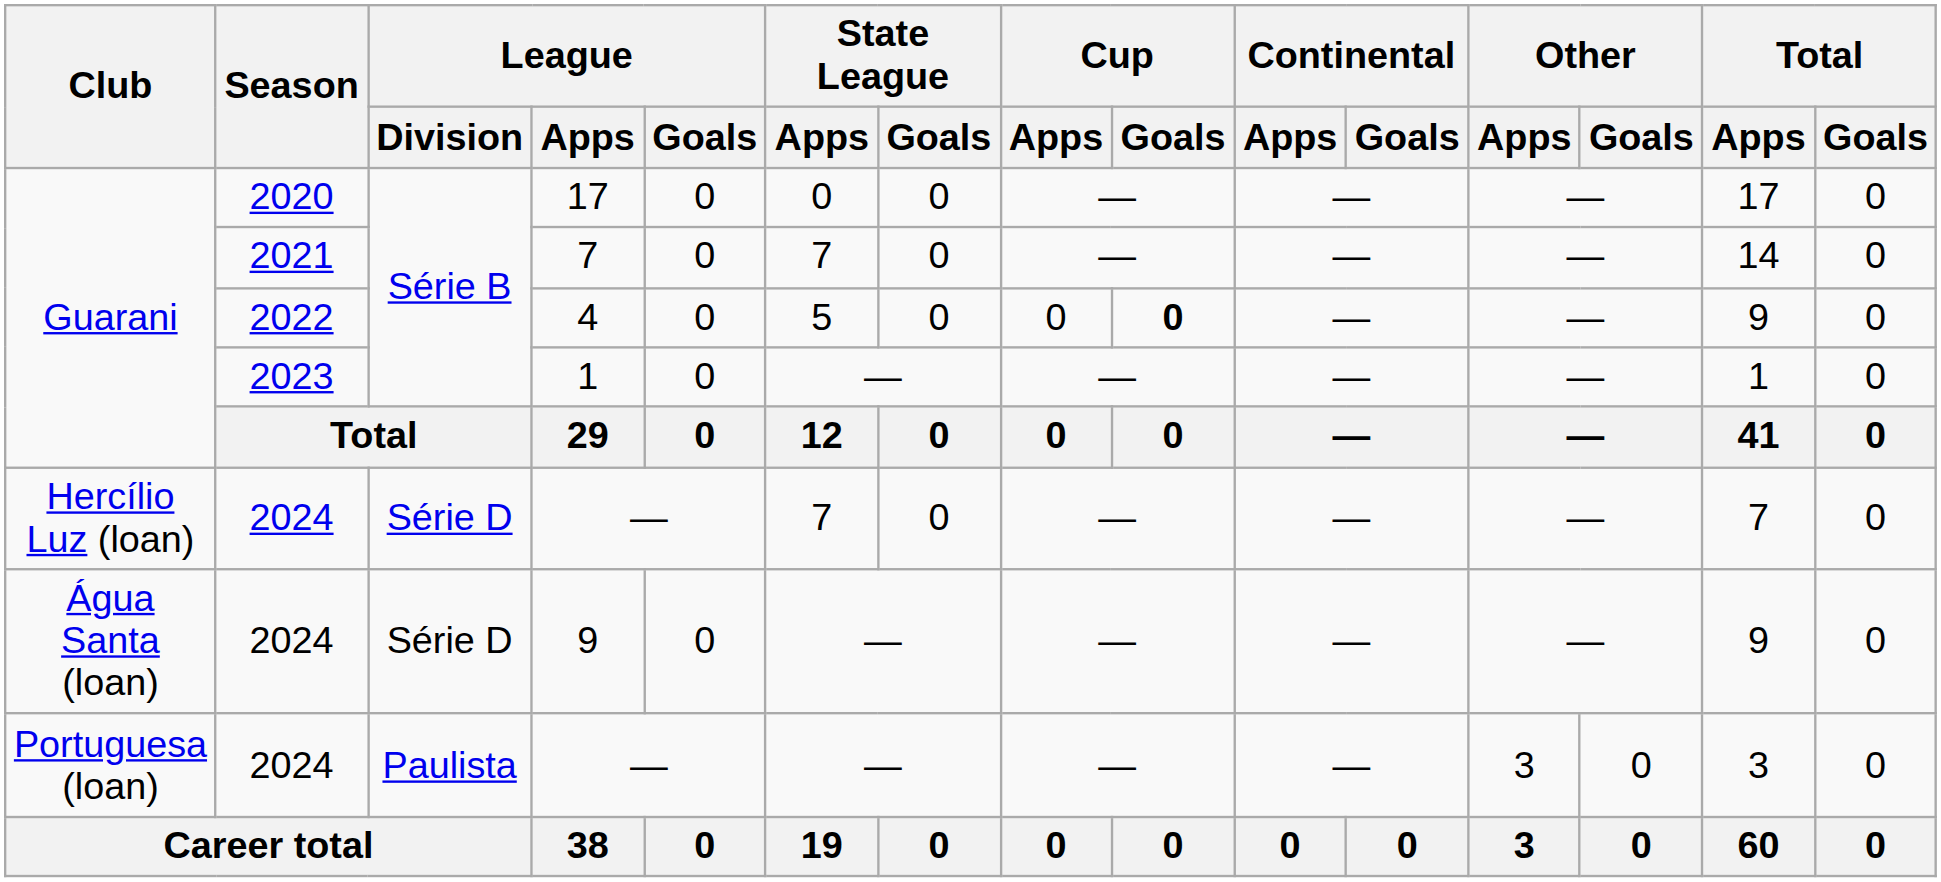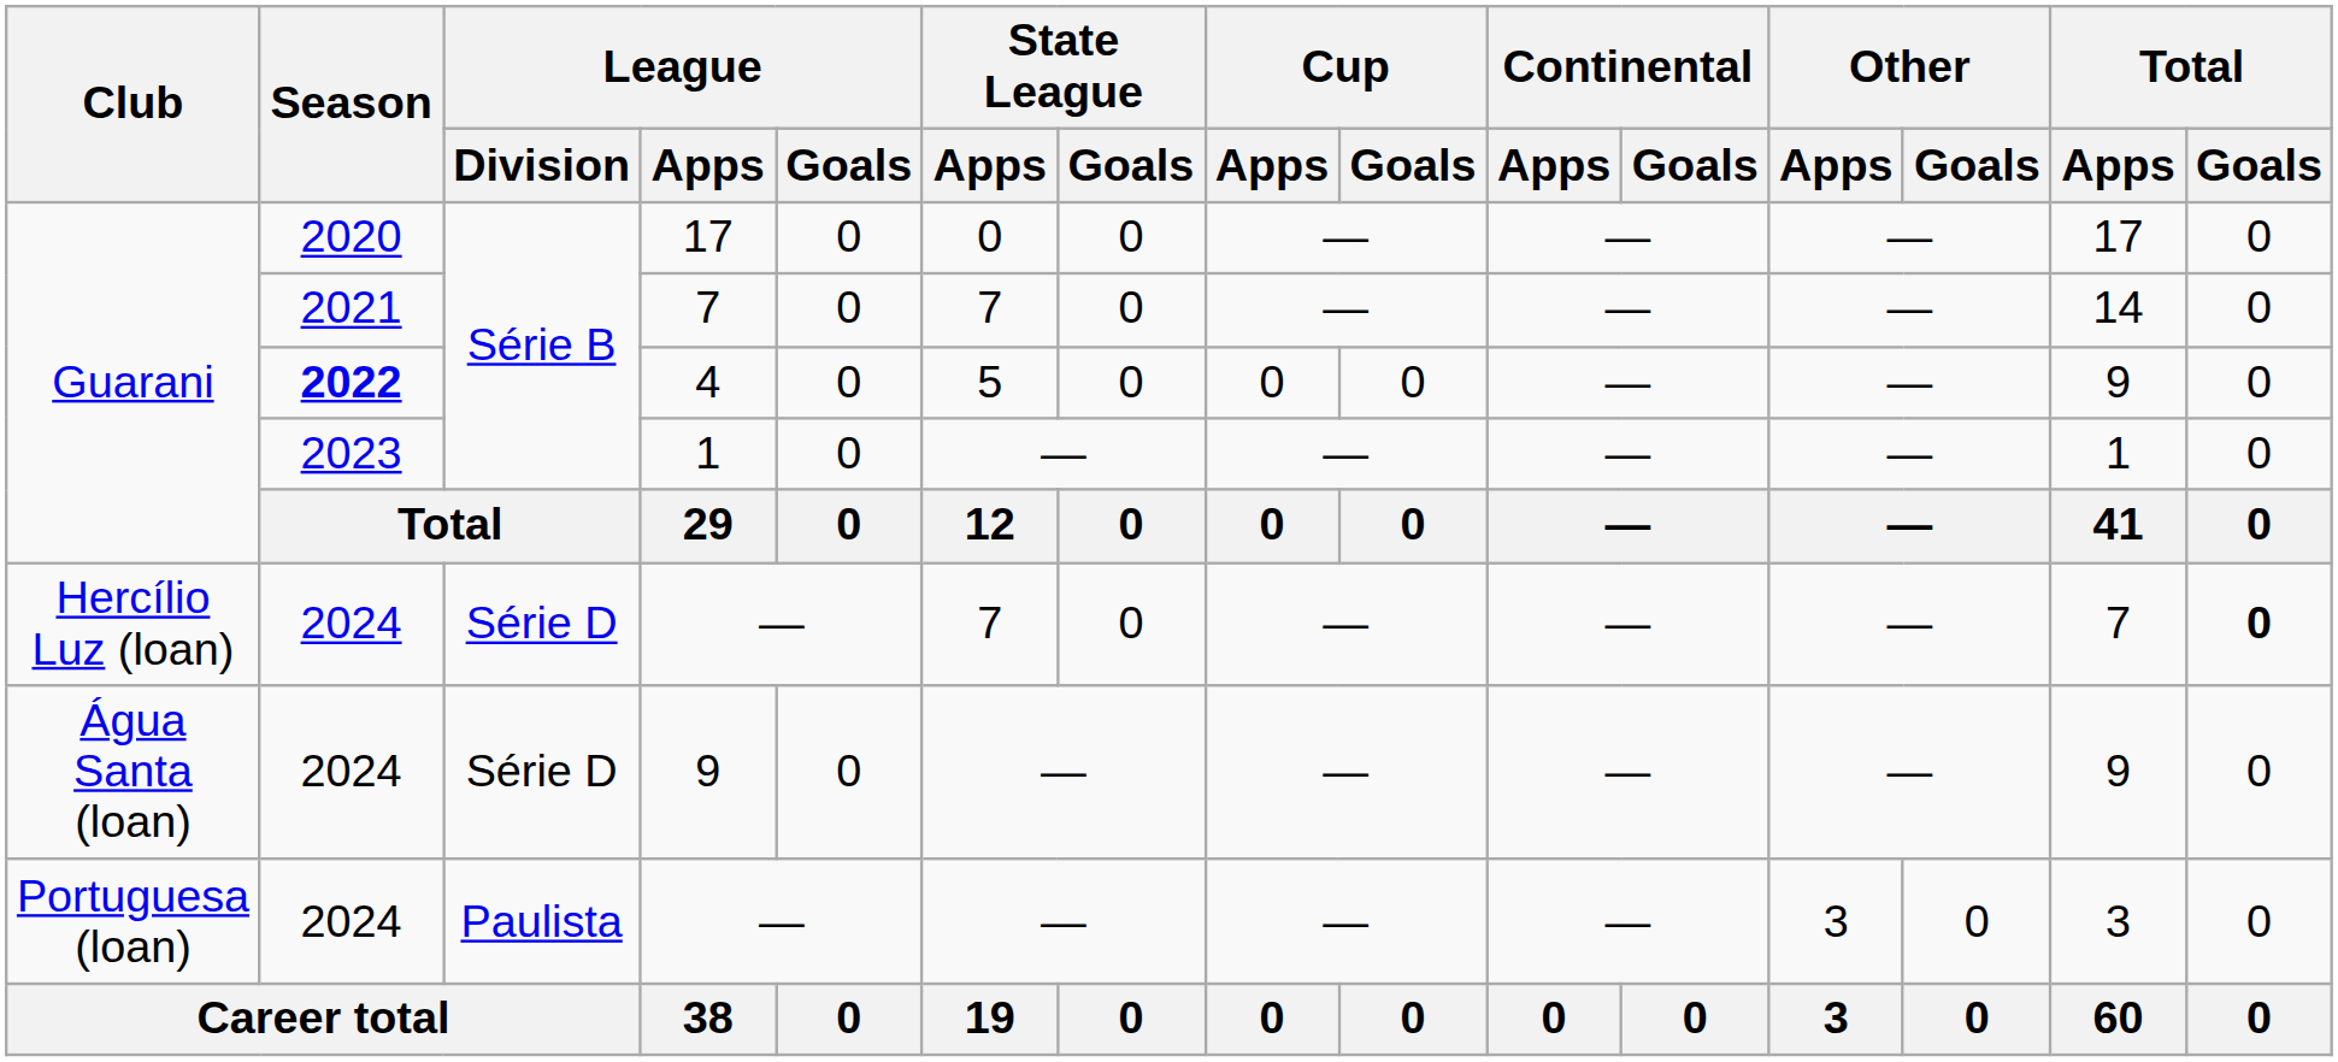 <table class="wikitable" style="text-align: center;">
 <tr>
 <th rowspan="2">Club</th>
 <th rowspan="2">Season</th>
 <th colspan="3">League</th>
 <th colspan="2">State League</th>
 <th colspan="2">Cup</th>
 <th colspan="2">Continental</th>
 <th colspan="2">Other</th>
 <th colspan="2">Total</th>
 </tr>
 <tr>
 <th>Division</th>
 <th>Apps</th>
 <th>Goals</th>
 <th>Apps</th>
 <th>Goals</th>
 <th>Apps</th>
 <th>Goals</th>
 <th>Apps</th>
 <th>Goals</th>
 <th>Apps</th>
 <th>Goals</th>
 <th>Apps</th>
 <th>Goals</th>
 </tr>
 <tr>
 <td rowspan="5" valign="center"><a href='#'>Guarani</a></td>
 <td><a href='#'>2020</a></td>
 <td rowspan="4"><a href='#'>Série B</a></td>
 <td>17</td>
 <td>0</td>
 <td>0</td>
 <td>0</td>
 <td colspan="2">—</td>
 <td colspan="2">—</td>
 <td colspan="2">—</td>
 <td>17</td>
 <td>0</td>
 </tr>
 <tr>
 <td><a href='#'>2021</a></td>
 <td>7</td>
 <td>0</td>
 <td>7</td>
 <td>0</td>
 <td colspan="2">—</td>
 <td colspan="2">—</td>
 <td colspan="2">—</td>
 <td>14</td>
 <td>0</td>
 </tr>
 <tr>
-<td><a href='#'>2022</a></td>
+<td><strong><a href='#'>2022</a></strong></td>
 <td>4</td>
 <td>0</td>
 <td>5</td>
 <td>0</td>
 <td>0</td>
-<td><strong>0</strong></td>
+<td>0</td>
 <td colspan="2">—</td>
 <td colspan="2">—</td>
 <td>9</td>
 <td>0</td>
 </tr>
 <tr>
 <td><a href='#'>2023</a></td>
 <td>1</td>
 <td>0</td>
 <td colspan="2">—</td>
 <td colspan="2">—</td>
 <td colspan="2">—</td>
 <td colspan="2">—</td>
 <td>1</td>
 <td>0</td>
 </tr>
 <tr>
 <th colspan="2">Total</th>
 <th>29</th>
 <th>0</th>
 <th>12</th>
 <th>0</th>
 <th>0</th>
 <th>0</th>
 <th colspan="2">—</th>
 <th colspan="2">—</th>
 <th>41</th>
 <th>0</th>
 </tr>
 <tr>
 <td valign="center"><a href='#'>Hercílio Luz</a> (loan)</td>
 <td><a href='#'>2024</a></td>
 <td><a href='#'>Série D</a></td>
 <td colspan="2">—</td>
 <td>7</td>
 <td>0</td>
 <td colspan="2">—</td>
 <td colspan="2">—</td>
 <td colspan="2">—</td>
 <td>7</td>
-<td>0</td>
+<td><strong>0</strong></td>
 </tr>
 <tr>
 <td valign="center"><a href='#'>Água Santa</a> (loan)</td>
 <td>2024</td>
 <td>Série D</td>
 <td>9</td>
 <td>0</td>
 <td colspan="2">—</td>
 <td colspan="2">—</td>
 <td colspan="2">—</td>
 <td colspan="2">—</td>
 <td>9</td>
 <td>0</td>
 </tr>
 <tr>
 <td valign="center"><a href='#'>Portuguesa</a> (loan)</td>
 <td>2024</td>
 <td><a href='#'>Paulista</a></td>
 <td colspan="2">—</td>
 <td colspan="2">—</td>
 <td colspan="2">—</td>
 <td colspan="2">—</td>
 <td>3</td>
 <td>0</td>
 <td>3</td>
 <td>0</td>
 </tr>
 <tr>
 <th colspan="3"><strong>Career total</strong></th>
 <th>38</th>
 <th>0</th>
 <th>19</th>
 <th>0</th>
 <th>0</th>
 <th>0</th>
 <th>0</th>
 <th>0</th>
 <th>3</th>
 <th>0</th>
 <th>60</th>
 <th>0</th>
 </tr>
 </table>
